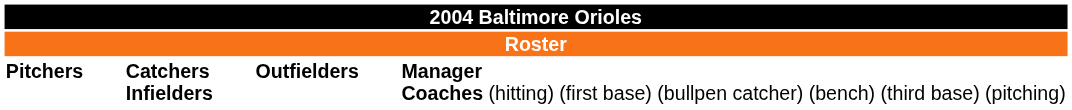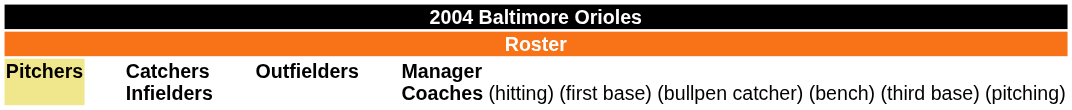 <table class="toccolours" style="font-size: 95%;">
 <tr>
 <th colspan="10" style="background-color: black; color: #FFFFFF; text-align: center;">2004 Baltimore Orioles</th>
 </tr>
 <tr>
 <td colspan="10" style="background-color: #F87217; color: white; text-align: center;"><strong>Roster</strong></td>
 </tr>
 <tr>
-<td valign="top"><strong>Pitchers</strong><br>                     </td>
+<td valign="top" style="background: khaki;"><strong>Pitchers</strong><br>                     </td>
 <td width="25px"></td>
 <td valign="top"><strong>Catchers</strong><br>     <strong>Infielders</strong>       </td>
 <td width="25px"></td>
 <td valign="top"><strong>Outfielders</strong><br>            </td>
 <td width="25px"></td>
 <td valign="top"><strong>Manager</strong><br> <strong>Coaches</strong>  (hitting)  (first base)  (bullpen catcher)  (bench)  (third base)  (pitching)</td>
 </tr>
 </table>
